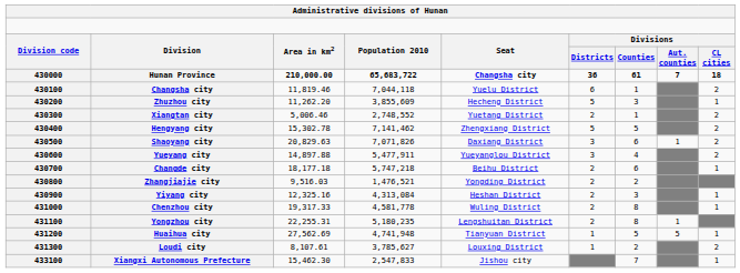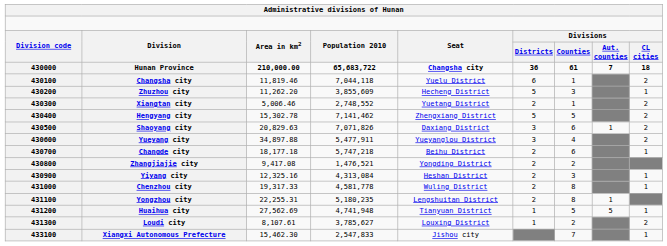 <table class="wikitable" style="margin:1em auto 1em auto; width:80%; font-size:smaller; text-align:center">
 <tr>
 <th colspan="9">Administrative divisions of Hunan</th>
 </tr>
 <tr>
 <td colspan="9" style="font-size:larger"><div><br>                </div></td>
 </tr>
 <tr>
 <th ! scope="col" rowspan="2"><a href='#'>Division code</a></th>
 <th ! scope="col" rowspan="2">Division</th>
 <th ! scope="col" rowspan="2">Area in km<sup>2</sup></th>
 <th ! scope="col" rowspan="2">Population 2010</th>
 <th ! scope="col" rowspan="2">Seat</th>
 <th ! scope="col" colspan="4">Divisions</th>
 </tr>
 <tr>
 <th ! scope="col" width="45"><a href='#'>Districts</a></th>
 <th ! scope="col" width="45"><a href='#'>Counties</a></th>
 <th ! scope="col" width="45"><a href='#'>Aut. counties</a></th>
 <th ! scope="col" width="45"><a href='#'>CL cities</a></th>
 </tr>
 <tr style="font-weight: bold">
 <th>430000</th>
 <th>Hunan Province</th>
 <td>210,000.00</td>
 <td>65,683,722</td>
 <td><a href='#'>Changsha</a> city</td>
 <td>36</td>
 <td>61</td>
 <td>7</td>
 <td>18</td>
 </tr>
 <tr>
 <th>430100</th>
 <th><a href='#'>Changsha</a> city</th>
 <td>11,819.46</td>
 <td>7,044,118</td>
 <td><a href='#'>Yuelu District</a></td>
 <td>6</td>
 <td>1</td>
 <td bgcolor="grey"></td>
 <td>2</td>
 </tr>
 <tr>
 <th>430200</th>
 <th><a href='#'>Zhuzhou</a> city</th>
 <td>11,262.20</td>
 <td>3,855,609</td>
 <td><a href='#'>Hecheng District</a></td>
 <td>5</td>
 <td>3</td>
 <td bgcolor="grey"></td>
 <td>1</td>
 </tr>
 <tr>
 <th>430300</th>
 <th><a href='#'>Xiangtan</a> city</th>
 <td>5,006.46</td>
 <td>2,748,552</td>
 <td><a href='#'>Yuetang District</a></td>
 <td>2</td>
 <td>1</td>
 <td bgcolor="grey"></td>
 <td>2</td>
 </tr>
 <tr>
 <th>430400</th>
 <th><a href='#'>Hengyang</a> city</th>
 <td>15,302.78</td>
 <td>7,141,462</td>
 <td><a href='#'>Zhengxiang District</a></td>
 <td>5</td>
 <td>5</td>
 <td bgcolor="grey"></td>
 <td>2</td>
 </tr>
 <tr>
 <th>430500</th>
 <th><a href='#'>Shaoyang</a> city</th>
 <td>20,829.63</td>
 <td>7,071,826</td>
 <td><a href='#'>Daxiang District</a></td>
 <td>3</td>
 <td>6</td>
 <td>1</td>
 <td>2</td>
 </tr>
 <tr>
 <th>430600</th>
 <th><a href='#'>Yueyang</a> city</th>
-<td>14,897.88</td>
+<td>34,897.88</td>
 <td>5,477,911</td>
 <td><a href='#'>Yueyanglou District</a></td>
 <td>3</td>
 <td>4</td>
 <td bgcolor="grey"></td>
 <td>2</td>
 </tr>
 <tr>
 <th>430700</th>
 <th><a href='#'>Changde</a> city</th>
 <td>18,177.18</td>
 <td>5,747,218</td>
 <td><a href='#'>Beihu District</a></td>
 <td>2</td>
 <td>6</td>
 <td bgcolor="grey"></td>
 <td>1</td>
 </tr>
 <tr>
 <th>430800</th>
 <th><a href='#'>Zhangjiajie</a> city</th>
-<td>9,516.03</td>
+<td>9,417.08</td>
 <td>1,476,521</td>
 <td><a href='#'>Yongding District</a></td>
 <td>2</td>
 <td>2</td>
 <td bgcolor="grey"></td>
 <td bgcolor="grey"></td>
 </tr>
 <tr>
 <th>430900</th>
 <th><a href='#'>Yiyang</a> city</th>
 <td>12,325.16</td>
 <td>4,313,084</td>
 <td><a href='#'>Heshan District</a></td>
 <td>2</td>
 <td>3</td>
 <td bgcolor="grey"></td>
 <td>1</td>
 </tr>
 <tr>
 <th>431000</th>
 <th><a href='#'>Chenzhou</a> city</th>
 <td>19,317.33</td>
 <td>4,581,778</td>
 <td><a href='#'>Wuling District</a></td>
 <td>2</td>
 <td>8</td>
 <td bgcolor="grey"></td>
 <td>1</td>
 </tr>
 <tr>
 <th>431100</th>
 <th><a href='#'>Yongzhou</a> city</th>
 <td>22,255.31</td>
 <td>5,180,235</td>
 <td><a href='#'>Lengshuitan District</a></td>
 <td>2</td>
 <td>8</td>
 <td>1</td>
 <td bgcolor="grey"></td>
 </tr>
 <tr>
 <th>431200</th>
 <th><a href='#'>Huaihua</a> city</th>
 <td>27,562.69</td>
 <td>4,741,948</td>
 <td><a href='#'>Tianyuan District</a></td>
 <td>1</td>
 <td>5</td>
 <td>5</td>
 <td>1</td>
 </tr>
 <tr>
 <th>431300</th>
 <th><a href='#'>Loudi</a> city</th>
 <td>8,107.61</td>
 <td>3,785,627</td>
 <td><a href='#'>Louxing District</a></td>
 <td>1</td>
 <td>2</td>
 <td bgcolor="grey"></td>
 <td>2</td>
 </tr>
 <tr>
 <th>433100</th>
 <th><a href='#'>Xiangxi Autonomous Prefecture</a></th>
 <td>15,462.30</td>
 <td>2,547,833</td>
 <td><a href='#'>Jishou</a> city</td>
 <td bgcolor="grey"></td>
 <td>7</td>
 <td bgcolor="grey"></td>
 <td>1</td>
 </tr>
 </table>
